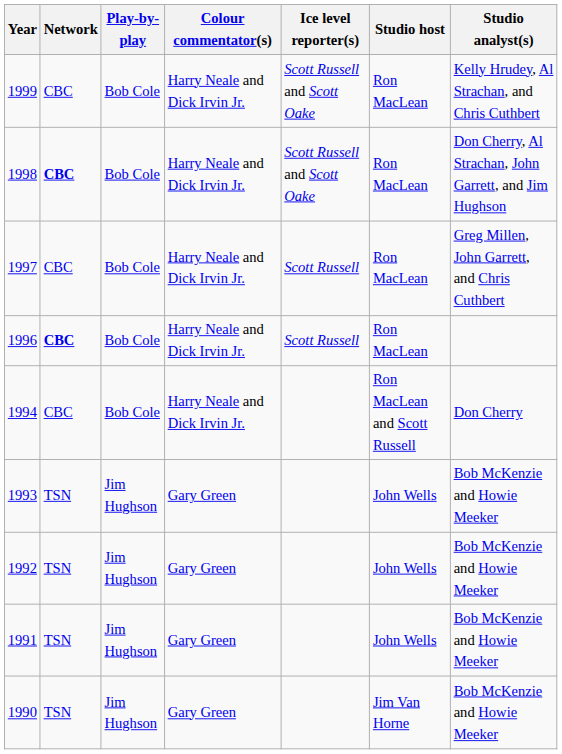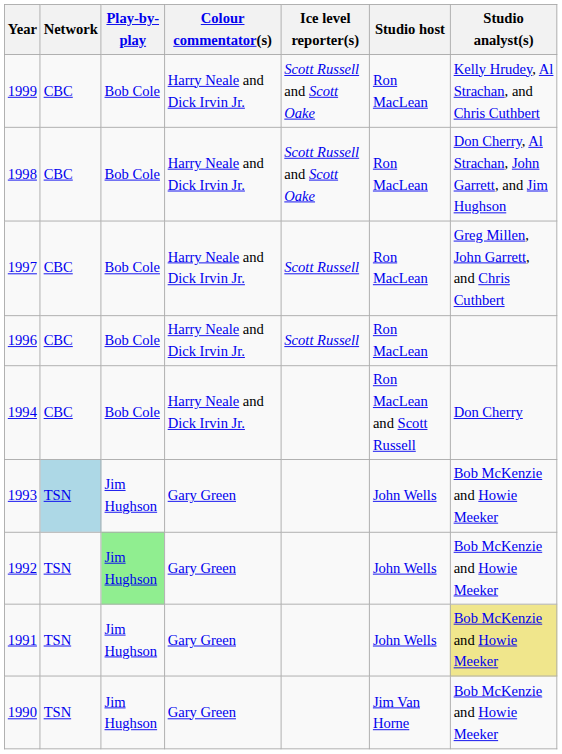 <table class="wikitable sortable" style="font-size:1.00em; line-height:1.5em;">
 <tr>
 <th>Year</th>
 <th>Network</th>
 <th><a href='#'>Play-by-play</a></th>
 <th><a href='#'>Colour commentator</a>(s)</th>
 <th>Ice level reporter(s)</th>
 <th>Studio host</th>
 <th>Studio analyst(s)</th>
 </tr>
 <tr>
 <td><a href='#'>1999</a></td>
 <td><a href='#'>CBC</a></td>
 <td><a href='#'>Bob Cole</a></td>
 <td><a href='#'>Harry Neale</a> and <a href='#'>Dick Irvin Jr.</a></td>
 <td><em><a href='#'>Scott Russell</a></em> and <em><a href='#'>Scott Oake</a></em></td>
 <td><a href='#'>Ron MacLean</a></td>
 <td><a href='#'>Kelly Hrudey</a>, <a href='#'>Al Strachan</a>, and <a href='#'>Chris Cuthbert</a></td>
 </tr>
 <tr>
 <td><a href='#'>1998</a></td>
-<td><strong><a href='#'>CBC</a></strong></td>
+<td><a href='#'>CBC</a></td>
 <td><a href='#'>Bob Cole</a></td>
 <td><a href='#'>Harry Neale</a> and <a href='#'>Dick Irvin Jr.</a></td>
 <td><em><a href='#'>Scott Russell</a></em> and <em><a href='#'>Scott Oake</a></em></td>
 <td><a href='#'>Ron MacLean</a></td>
 <td><a href='#'>Don Cherry</a>, <a href='#'>Al Strachan</a>, <a href='#'>John Garrett</a>, and <a href='#'>Jim Hughson</a></td>
 </tr>
 <tr>
 <td><a href='#'>1997</a></td>
 <td><a href='#'>CBC</a></td>
 <td><a href='#'>Bob Cole</a></td>
 <td><a href='#'>Harry Neale</a> and <a href='#'>Dick Irvin Jr.</a></td>
 <td><em><a href='#'>Scott Russell</a></em></td>
 <td><a href='#'>Ron MacLean</a></td>
 <td><a href='#'>Greg Millen</a>, <a href='#'>John Garrett</a>, and <a href='#'>Chris Cuthbert</a></td>
 </tr>
 <tr>
 <td><a href='#'>1996</a></td>
-<td><strong><a href='#'>CBC</a></strong></td>
+<td><a href='#'>CBC</a></td>
 <td><a href='#'>Bob Cole</a></td>
 <td><a href='#'>Harry Neale</a> and <a href='#'>Dick Irvin Jr.</a></td>
 <td><em><a href='#'>Scott Russell</a></em></td>
 <td><a href='#'>Ron MacLean</a></td>
 </tr>
 <tr>
 <td><a href='#'>1994</a></td>
 <td><a href='#'>CBC</a></td>
 <td><a href='#'>Bob Cole</a></td>
 <td><a href='#'>Harry Neale</a> and <a href='#'>Dick Irvin Jr.</a></td>
 <td></td>
 <td><a href='#'>Ron MacLean</a> and <a href='#'>Scott Russell</a></td>
 <td><a href='#'>Don Cherry</a></td>
 </tr>
 <tr>
 <td><a href='#'>1993</a></td>
-<td><a href='#'>TSN</a></td>
+<td style="background: lightblue;"><a href='#'>TSN</a></td>
 <td><a href='#'>Jim Hughson</a></td>
 <td><a href='#'>Gary Green</a></td>
 <td></td>
 <td><a href='#'>John Wells</a></td>
 <td><a href='#'>Bob McKenzie</a> and <a href='#'>Howie Meeker</a></td>
 </tr>
 <tr>
 <td><a href='#'>1992</a></td>
 <td><a href='#'>TSN</a></td>
-<td><a href='#'>Jim Hughson</a></td>
+<td style="background: lightgreen;"><a href='#'>Jim Hughson</a></td>
 <td><a href='#'>Gary Green</a></td>
 <td></td>
 <td><a href='#'>John Wells</a></td>
 <td><a href='#'>Bob McKenzie</a> and <a href='#'>Howie Meeker</a></td>
 </tr>
 <tr>
 <td><a href='#'>1991</a></td>
 <td><a href='#'>TSN</a></td>
 <td><a href='#'>Jim Hughson</a></td>
 <td><a href='#'>Gary Green</a></td>
 <td></td>
 <td><a href='#'>John Wells</a></td>
-<td><a href='#'>Bob McKenzie</a> and <a href='#'>Howie Meeker</a></td>
+<td style="background: khaki;"><a href='#'>Bob McKenzie</a> and <a href='#'>Howie Meeker</a></td>
 </tr>
 <tr>
 <td><a href='#'>1990</a></td>
 <td><a href='#'>TSN</a></td>
 <td><a href='#'>Jim Hughson</a></td>
 <td><a href='#'>Gary Green</a></td>
 <td></td>
 <td><a href='#'>Jim Van Horne</a></td>
 <td><a href='#'>Bob McKenzie</a> and <a href='#'>Howie Meeker</a></td>
 </tr>
 </table>
